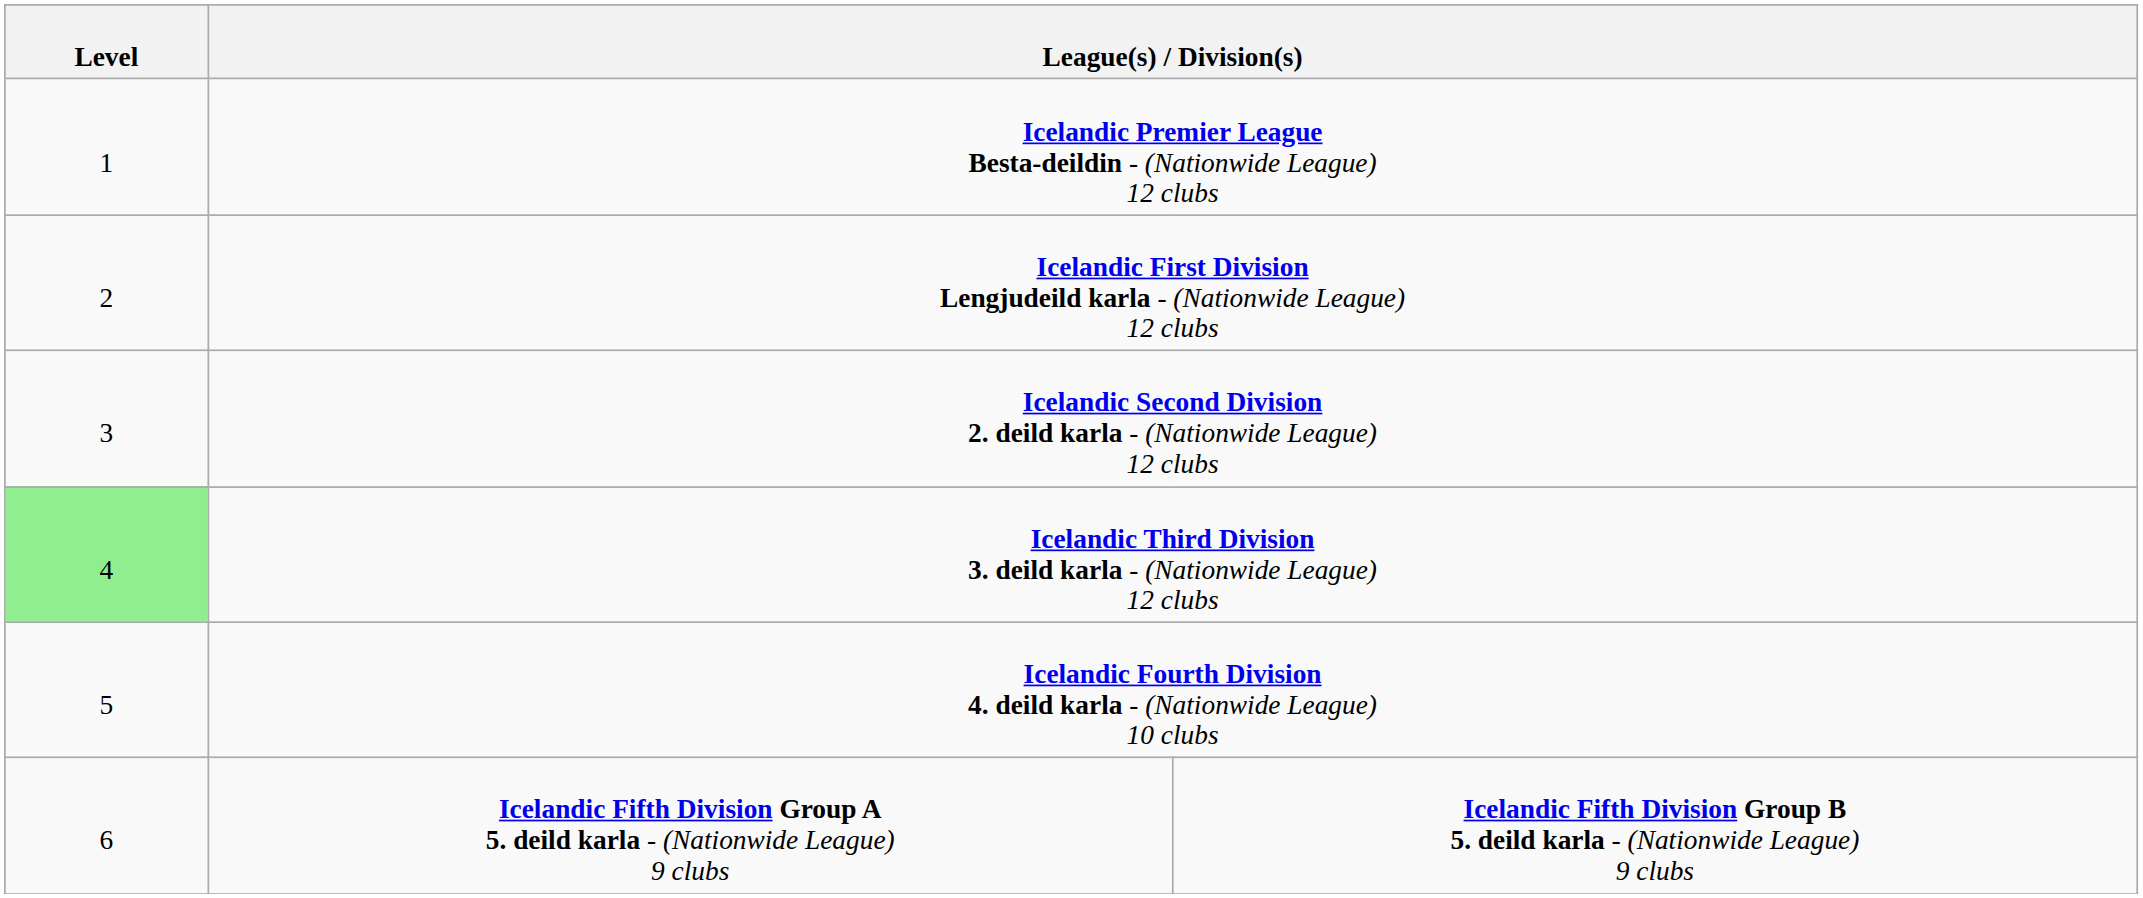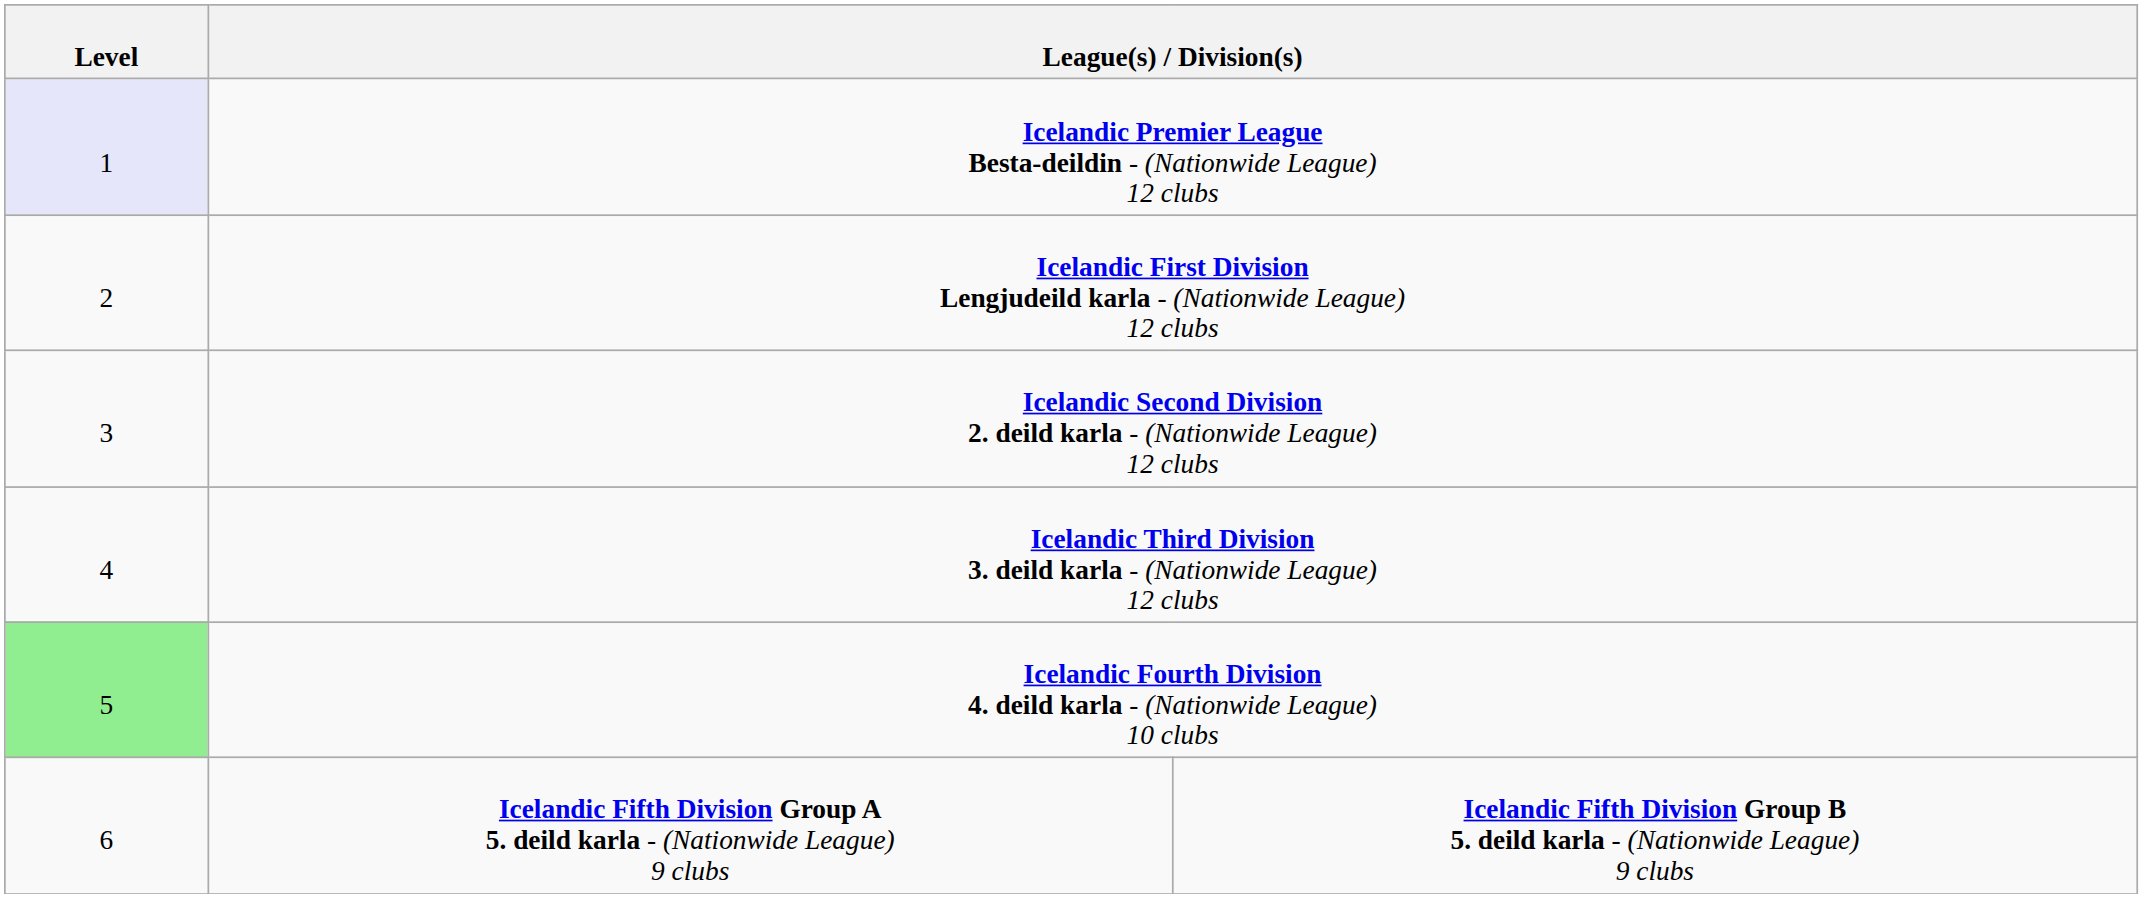 <table class="wikitable" style="text-align: center;">
 <tr>
 <th style="width:4%;"><br>Level</th>
 <th colspan="10" style="width:96%;"><br>League(s) / Division(s)</th>
 </tr>
 <tr>
-<td style="width:4%;"><br>1</td>
+<td style="background: lavender; width:4%;"><br>1</td>
 <td colspan="10" style="width:96%;"><br><strong><a href='#'>Icelandic Premier League</a></strong><br> <strong>Besta-deildin</strong> - <em>(Nationwide League)</em><br> <em>12 clubs</em></td>
 </tr>
 <tr>
 <td style="width:4%;"><br>2</td>
 <td colspan="10" style="width:96%;"><br><strong><a href='#'>Icelandic First Division</a></strong><br> <strong>Lengjudeild karla</strong> - <em>(Nationwide League)</em> <br> <em>12 clubs</em></td>
 </tr>
 <tr>
 <td style="width:4%;"><br>3</td>
 <td colspan="10" style="width:96%;"><br><strong><a href='#'>Icelandic Second Division</a></strong><br> <strong>2. deild karla</strong> - <em>(Nationwide League)</em> <br> <em>12 clubs</em></td>
 </tr>
 <tr>
-<td style="background: lightgreen; width:4%;"><br>4</td>
+<td style="width:4%;"><br>4</td>
 <td colspan="10" style="width:96%;"><br><strong><a href='#'>Icelandic Third Division</a></strong><br> <strong>3. deild karla</strong> - <em>(Nationwide League)</em> <br> <em>12 clubs</em></td>
 </tr>
 <tr>
-<td style="width:4%;"><br>5</td>
+<td style="background: lightgreen; width:4%;"><br>5</td>
 <td colspan="10" style="width:96%;"><br><strong><a href='#'>Icelandic Fourth Division</a></strong><br> <strong>4. deild karla</strong> - <em>(Nationwide League)</em> <br> <em>10 clubs</em></td>
 </tr>
 <tr>
 <td style="width:4%;"><br>6</td>
 <td colspan="2" style="width:19%;"><br><strong><a href='#'>Icelandic Fifth Division</a> Group A</strong><br> <strong>5. deild karla</strong> - <em>(Nationwide League)</em><br> <em>9 clubs</em></td>
 <td colspan="2" style="width:19%;"><br><strong><a href='#'>Icelandic Fifth Division</a> Group B</strong><br> <strong>5. deild karla</strong> - <em>(Nationwide League)</em><br> <em>9 clubs</em></td>
 </tr>
 </table>
